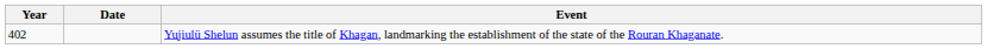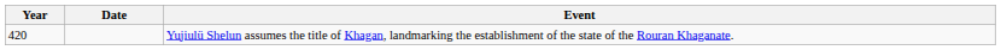 <table class="wikitable" width="100%">
 <tr>
 <th style="width:6%">Year</th>
 <th style="width:10%">Date</th>
 <th>Event</th>
 </tr>
 <tr>
-<td>402</td>
+<td>420</td>
 <td></td>
 <td><a href='#'>Yujiulü Shelun</a> assumes the title of <a href='#'>Khagan</a>, landmarking the establishment of the state of the <a href='#'>Rouran Khaganate</a>.</td>
 </tr>
 </table>
